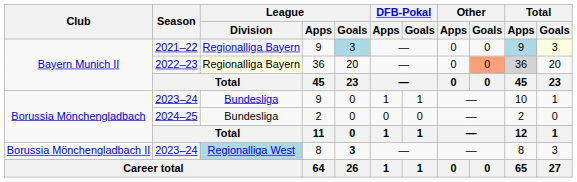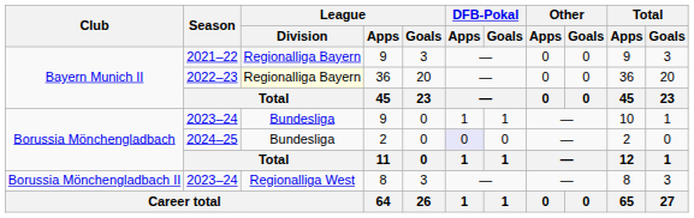 <table class="wikitable" style="text-align:center">
 <tr>
 <th rowspan="2">Club</th>
 <th rowspan="2">Season</th>
 <th colspan="3">League</th>
 <th colspan="2"><a href='#'>DFB-Pokal</a></th>
 <th colspan="2">Other</th>
 <th colspan="2">Total</th>
 </tr>
 <tr>
 <th>Division</th>
 <th>Apps</th>
 <th>Goals</th>
 <th>Apps</th>
 <th>Goals</th>
 <th>Apps</th>
 <th>Goals</th>
 <th>Apps</th>
 <th>Goals</th>
 </tr>
 <tr>
 <td rowspan="3"><a href='#'>Bayern Munich II</a></td>
 <td><a href='#'>2021–22</a></td>
 <td><a href='#'>Regionalliga Bayern</a></td>
 <td>9</td>
-<td style="background: lightblue;">3</td>
+<td>3</td>
 <td colspan="2">—</td>
 <td>0</td>
 <td>0</td>
-<td style="background: lightblue;">9</td>
-<td style="background: lightyellow;">3</td>
+<td>9</td>
+<td>3</td>
 </tr>
 <tr>
 <td><a href='#'>2022–23</a></td>
 <td style="background: lightyellow;">Regionalliga Bayern</td>
 <td>36</td>
 <td>20</td>
 <td colspan="2">—</td>
 <td>0</td>
-<td style="background: lightsalmon;">0</td>
-<td style="background: lightgrey;">36</td>
+<td>0</td>
+<td>36</td>
 <td>20</td>
 </tr>
 <tr>
 <th colspan="2">Total</th>
 <th>45</th>
 <th>23</th>
 <th colspan="2">—</th>
 <th>0</th>
 <th>0</th>
 <th>45</th>
 <th>23</th>
 </tr>
 <tr>
 <td rowspan="3"><a href='#'>Borussia Mönchengladbach</a></td>
 <td><a href='#'>2023–24</a></td>
 <td><a href='#'>Bundesliga</a></td>
 <td>9</td>
 <td>0</td>
 <td>1</td>
 <td>1</td>
 <td colspan="2">—</td>
 <td>10</td>
 <td>1</td>
 </tr>
 <tr>
 <td><a href='#'>2024–25</a></td>
 <td>Bundesliga</td>
 <td>2</td>
 <td>0</td>
-<td>0</td>
+<td style="background: lavender;">0</td>
 <td>0</td>
 <td colspan="2">—</td>
 <td>2</td>
 <td>0</td>
 </tr>
 <tr>
 <th colspan="2">Total</th>
 <th>11</th>
 <th>0</th>
 <th>1</th>
 <th>1</th>
 <th colspan="2">—</th>
 <th>12</th>
 <th>1</th>
 </tr>
 <tr>
 <td><a href='#'>Borussia Mönchengladbach II</a></td>
 <td><a href='#'>2023–24</a></td>
-<td style="background: lightblue;"><a href='#'>Regionalliga West</a></td>
+<td><a href='#'>Regionalliga West</a></td>
 <td>8</td>
-<td><strong>3</strong></td>
+<td>3</td>
 <td colspan="2">—</td>
 <td colspan="2">—</td>
 <td>8</td>
 <td>3</td>
 </tr>
 <tr>
 <th colspan="3">Career total</th>
 <th>64</th>
 <th>26</th>
 <th>1</th>
 <th>1</th>
 <th>0</th>
 <th>0</th>
 <th>65</th>
 <th>27</th>
 </tr>
 </table>
